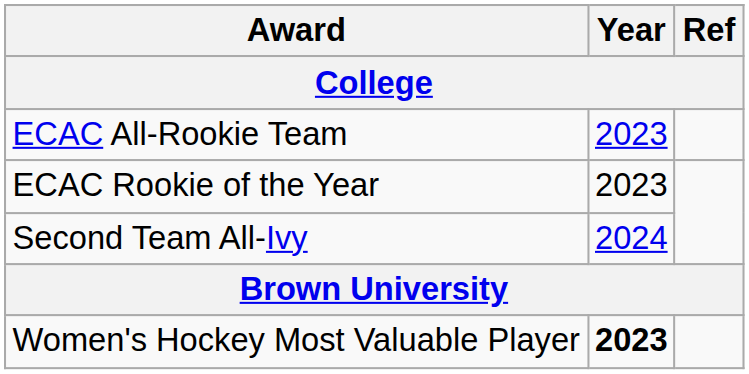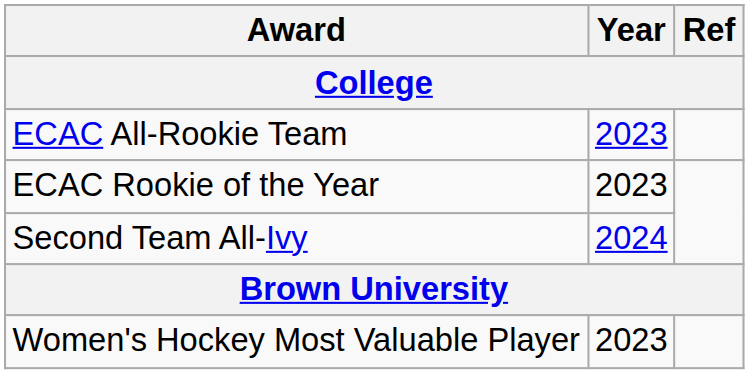 <table class="wikitable">
 <tr>
 <th>Award</th>
 <th>Year</th>
 <th>Ref</th>
 </tr>
 <tr>
 <th colspan="3"><a href='#'>College</a></th>
 </tr>
 <tr>
 <td><a href='#'>ECAC</a> All-Rookie Team</td>
 <td><a href='#'>2023</a></td>
 <td></td>
 </tr>
 <tr>
 <td>ECAC Rookie of the Year</td>
 <td>2023</td>
 <td rowspan="2"></td>
 </tr>
 <tr>
 <td>Second Team All-<a href='#'>Ivy</a></td>
 <td><a href='#'>2024</a></td>
 </tr>
 <tr>
 <th colspan="3"><a href='#'>Brown University</a></th>
 </tr>
 <tr>
 <td>Women's Hockey Most Valuable Player</td>
-<td><strong>2023</strong></td>
+<td>2023</td>
 <td></td>
 </tr>
 </table>
